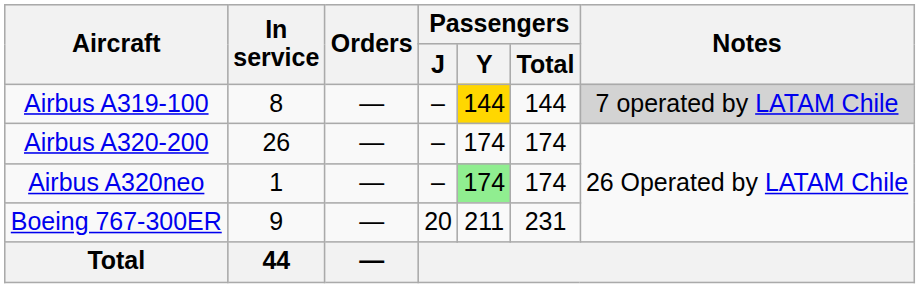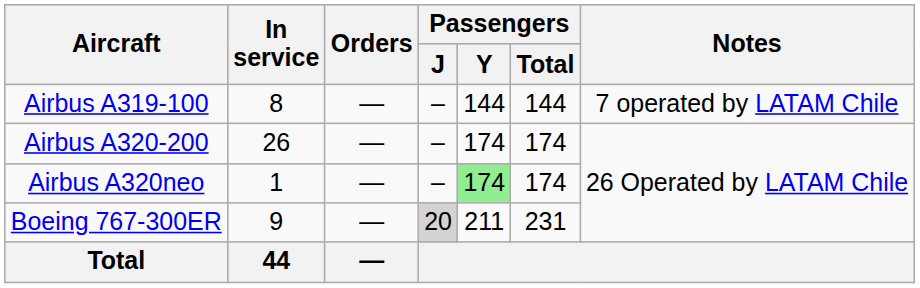 <table class="wikitable" style="text-align:center; margin:0.5em auto">
 <tr>
 <th rowspan=2>Aircraft</th>
 <th rowspan=2>In <br> service</th>
 <th rowspan=2>Orders</th>
 <th colspan=3>Passengers</th>
 <th rowspan=2>Notes</th>
 </tr>
 <tr>
 <th><abbr>J</abbr></th>
 <th><abbr>Y</abbr></th>
 <th>Total</th>
 </tr>
 <tr>
 <td><a href='#'>Airbus A319-100</a></td>
 <td>8</td>
 <td>—</td>
 <td>–</td>
-<td style="background: gold;">144</td>
 <td>144</td>
-<td style="background: lightgrey;">7 operated by <a href='#'>LATAM Chile</a></td>
+<td>144</td>
+<td>7 operated by <a href='#'>LATAM Chile</a></td>
 </tr>
 <tr>
 <td><a href='#'>Airbus A320-200</a></td>
 <td>26</td>
 <td>—</td>
 <td>–</td>
 <td>174</td>
 <td>174</td>
 <td rowspan=3>26 Operated by <a href='#'>LATAM Chile</a></td>
 </tr>
 <tr>
 <td><a href='#'>Airbus A320neo</a></td>
 <td>1</td>
 <td>—</td>
 <td>–</td>
 <td style="background: lightgreen;">174</td>
 <td>174</td>
 </tr>
 <tr>
 <td><a href='#'>Boeing 767-300ER</a></td>
 <td>9</td>
 <td>—</td>
-<td>20</td>
+<td style="background: lightgrey;">20</td>
 <td>211</td>
 <td>231</td>
 </tr>
 <tr>
 <th>Total</th>
 <th>44</th>
 <th>—</th>
 <th colspan="4"></th>
 </tr>
 </table>
